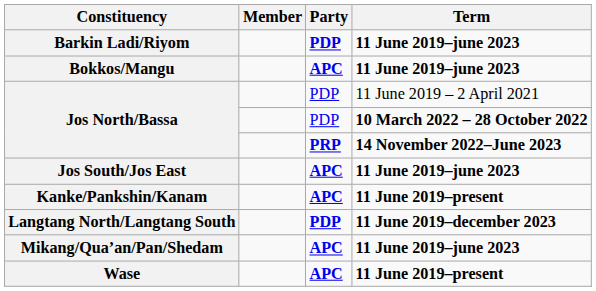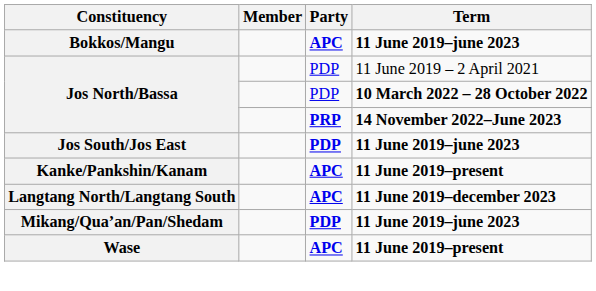 <table class="wikitable">
 <tr valign=bottom>
 <th>Constituency</th>
 <th>Member</th>
 <th>Party</th>
 <th>Term</th>
-</tr>
-<tr>
-<th>Barkin Ladi/Riyom</th>
-<td><strong></strong></td>
-<td><strong><a href='#'>PDP</a></strong></td>
-<td><strong>11 June 2019–june 2023</strong></td>
 </tr>
 <tr>
 <th>Bokkos/Mangu</th>
 <td><strong></strong></td>
 <td><strong><a href='#'>APC</a></strong></td>
 <td><strong>11 June 2019–june 2023</strong></td>
 </tr>
 <tr>
 <th rowspan=3>Jos North/Bassa</th>
 <td style="opacity:.4;"></td>
 <td><a href='#'>PDP</a></td>
 <td>11 June 2019 – 2 April 2021</td>
 </tr>
 <tr>
 <td style="opacity:.4;"></td>
 <td><a href='#'>PDP</a></td>
 <td><strong>10 March 2022 – 28 October 2022</strong></td>
 </tr>
 <tr>
 <td><strong></strong></td>
 <td><strong><a href='#'>PRP</a></strong></td>
 <td><strong>14 November 2022–June 2023</strong></td>
 </tr>
 <tr>
 <th>Jos South/Jos East</th>
 <td><strong></strong></td>
-<td><strong><a href='#'>APC</a></strong></td>
+<td><strong><a href='#'>PDP</a></strong></td>
 <td><strong>11 June 2019–june 2023</strong></td>
 </tr>
 <tr>
 <th>Kanke/Pankshin/Kanam</th>
 <td><strong></strong></td>
 <td><strong><a href='#'>APC</a></strong></td>
 <td><strong>11 June 2019–present</strong></td>
 </tr>
 <tr>
 <th>Langtang North/Langtang South</th>
 <td><strong></strong></td>
-<td><strong><a href='#'>PDP</a></strong></td>
+<td><strong><a href='#'>APC</a></strong></td>
 <td><strong>11 June 2019–december 2023</strong></td>
 </tr>
 <tr>
 <th>Mikang/Qua’an/Pan/Shedam</th>
 <td><strong></strong></td>
-<td><strong><a href='#'>APC</a></strong></td>
+<td><strong><a href='#'>PDP</a></strong></td>
 <td><strong>11 June 2019–june 2023</strong></td>
 </tr>
 <tr>
 <th>Wase</th>
 <td><strong></strong></td>
 <td><strong><a href='#'>APC</a></strong></td>
 <td><strong>11 June 2019–present</strong></td>
 </tr>
 </table>
